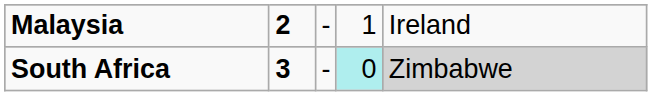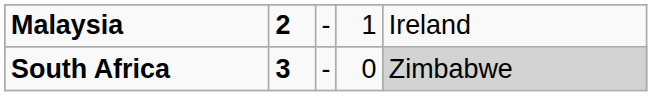 <table class="wikitable">
 <tr>
 <td width=150> <strong>Malaysia</strong></td>
 <td style="width:20px; text-align:left;"><strong>2</strong></td>
 <td>-</td>
 <td style="width:20px; text-align:right;">1</td>
 <td width=150> Ireland</td>
 </tr>
 <tr>
 <td> <strong>South Africa</strong></td>
 <td style="text-align:left;"><strong>3</strong></td>
 <td>-</td>
-<td style="background: paleturquoise; text-align:right;">0</td>
+<td style="text-align:right;">0</td>
 <td style="background: lightgrey;"> Zimbabwe</td>
 </tr>
 </table>
